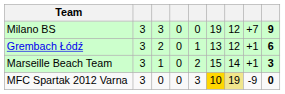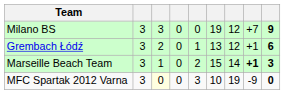 <table class="wikitable" style="text-align: center;">
 <tr>
 <th width="185">Team</th>
 <th width="20"></th>
 <th width="20"></th>
 <th width="20"></th>
 <th width="20"></th>
 <th width="20"></th>
 <th width="20"></th>
 <th width="20"></th>
 <th width="20"></th>
 </tr>
 <tr bgcolor=#ccffcc>
 <td align=left> Milano BS</td>
 <td>3</td>
 <td>3</td>
 <td>0</td>
 <td>0</td>
 <td>19</td>
 <td>12</td>
 <td>+7</td>
 <td><strong>9</strong></td>
 </tr>
 <tr bgcolor=#ccffcc>
 <td align=left> <a href='#'>Grembach Łódź</a></td>
 <td>3</td>
 <td>2</td>
 <td>0</td>
 <td>1</td>
 <td>13</td>
 <td>12</td>
 <td>+1</td>
 <td><strong>6</strong></td>
 </tr>
 <tr bgcolor=#ccffcc>
 <td align=left> Marseille Beach Team</td>
 <td>3</td>
 <td>1</td>
 <td>0</td>
 <td>2</td>
 <td>15</td>
 <td>14</td>
-<td>+1</td>
+<td><strong>+1</strong></td>
 <td><strong>3</strong></td>
 </tr>
 <tr>
 <td align=left> MFC Spartak 2012 Varna</td>
 <td>3</td>
-<td>0</td>
+<td style="background: lightyellow;">0</td>
 <td>0</td>
 <td>3</td>
-<td style="background: gold;">10</td>
-<td style="background: khaki;">19</td>
+<td>10</td>
+<td>19</td>
 <td>-9</td>
 <td><strong>0</strong></td>
 </tr>
 </table>
